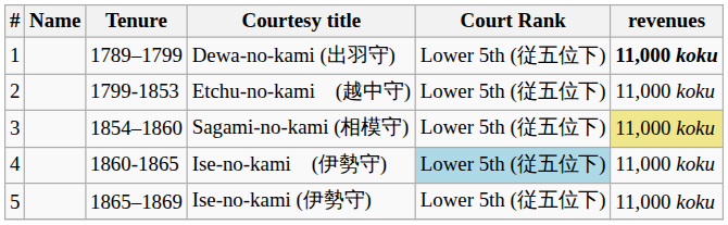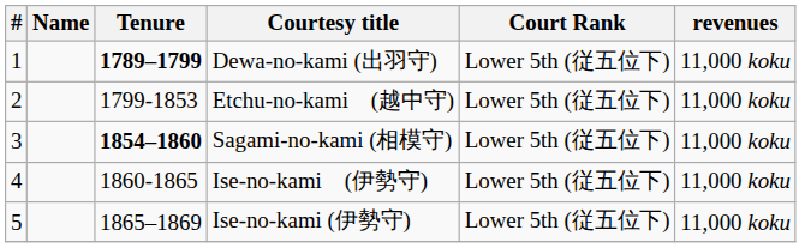 <table class=wikitable>
 <tr>
 <th>#</th>
 <th>Name</th>
 <th>Tenure</th>
 <th>Courtesy title</th>
 <th>Court Rank</th>
 <th>revenues</th>
 </tr>
 <tr>
 <td>1</td>
 <td></td>
-<td>1789–1799</td>
+<td><strong>1789–1799</strong></td>
 <td>Dewa-no-kami (出羽守)</td>
 <td>Lower 5th (従五位下)</td>
-<td><strong>11,000 <em>koku</em></strong></td>
+<td>11,000 <em>koku</em></td>
 </tr>
 <tr>
 <td>2</td>
 <td></td>
 <td>1799-1853</td>
 <td>Etchu-no-kami　(越中守)</td>
 <td>Lower 5th (従五位下)</td>
 <td>11,000 <em>koku</em></td>
 </tr>
 <tr>
 <td>3</td>
 <td></td>
-<td>1854–1860</td>
+<td><strong>1854–1860</strong></td>
 <td>Sagami-no-kami (相模守)</td>
 <td>Lower 5th (従五位下)</td>
-<td style="background: khaki;">11,000 <em>koku</em></td>
+<td>11,000 <em>koku</em></td>
 </tr>
 <tr>
 <td>4</td>
 <td></td>
 <td>1860-1865</td>
 <td>Ise-no-kami　(伊勢守)</td>
-<td style="background: lightblue;">Lower 5th (従五位下)</td>
+<td>Lower 5th (従五位下)</td>
 <td>11,000 <em>koku</em></td>
 </tr>
 <tr>
 <td>5</td>
 <td></td>
 <td>1865–1869</td>
 <td>Ise-no-kami (伊勢守)</td>
 <td>Lower 5th (従五位下)</td>
 <td>11,000 <em>koku</em></td>
 </tr>
 <tr>
 </tr>
 </table>
